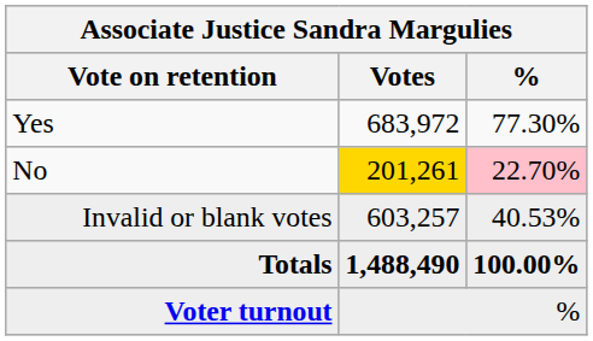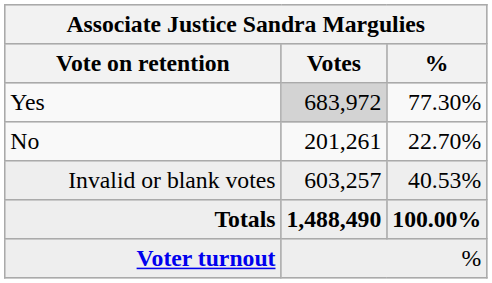 <table class="wikitable" style="font-size: 95%;">
 <tr style="background-color:#E9E9E9">
 <th colspan=7>Associate Justice Sandra Margulies</th>
 </tr>
 <tr style="background-color:#E9E9E9">
 <th style="width: 170px">Vote on retention</th>
 <th style="width: 50px">Votes</th>
 <th style="width: 40px">%</th>
 </tr>
 <tr>
 <td>Yes</td>
-<td align="right">683,972</td>
+<td align="right" style="background: lightgrey;">683,972</td>
 <td align="right">77.30%</td>
 </tr>
 <tr>
 <td>No</td>
-<td align="right" style="background: gold;">201,261</td>
-<td align="right" style="background: pink;">22.70%</td>
+<td align="right">201,261</td>
+<td align="right">22.70%</td>
 </tr>
 <tr bgcolor="#EEEEEE">
 <td align="right">Invalid or blank votes</td>
 <td align="right">603,257</td>
 <td align="right">40.53%</td>
 </tr>
 <tr bgcolor="#EEEEEE">
 <td align="right"><strong>Totals</strong></td>
 <td align="right"><strong>1,488,490</strong></td>
 <td align="right"><strong>100.00%</strong></td>
 </tr>
 <tr bgcolor="#EEEEEE">
 <td align="right"><strong><a href='#'>Voter turnout</a></strong></td>
 <td colspan="2" align="right">%</td>
 </tr>
 </table>
